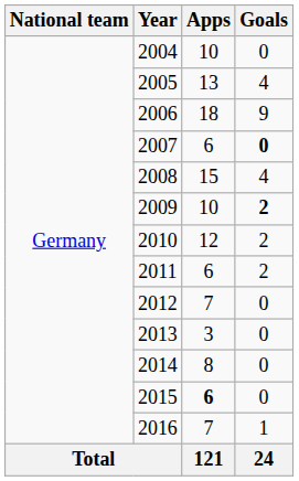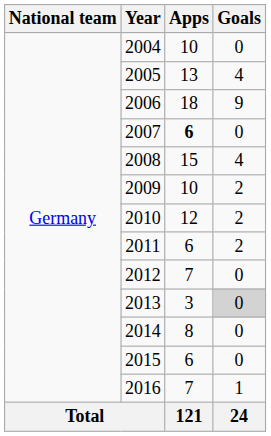 <table class="wikitable" style="text-align:center">
 <tr>
 <th>National team</th>
 <th>Year</th>
 <th>Apps</th>
 <th>Goals</th>
 </tr>
 <tr>
 <td rowspan="13"><a href='#'>Germany</a></td>
 <td>2004</td>
 <td>10</td>
 <td>0</td>
 </tr>
 <tr>
 <td>2005</td>
 <td>13</td>
 <td>4</td>
 </tr>
 <tr>
 <td>2006</td>
 <td>18</td>
 <td>9</td>
 </tr>
 <tr>
 <td>2007</td>
-<td>6</td>
-<td><strong>0</strong></td>
+<td><strong>6</strong></td>
+<td>0</td>
 </tr>
 <tr>
 <td>2008</td>
 <td>15</td>
 <td>4</td>
 </tr>
 <tr>
 <td>2009</td>
 <td>10</td>
-<td><strong>2</strong></td>
+<td>2</td>
 </tr>
 <tr>
 <td>2010</td>
 <td>12</td>
 <td>2</td>
 </tr>
 <tr>
 <td>2011</td>
 <td>6</td>
 <td>2</td>
 </tr>
 <tr>
 <td>2012</td>
 <td>7</td>
 <td>0</td>
 </tr>
 <tr>
 <td>2013</td>
 <td>3</td>
-<td>0</td>
+<td style="background: lightgrey;">0</td>
 </tr>
 <tr>
 <td>2014</td>
 <td>8</td>
 <td>0</td>
 </tr>
 <tr>
 <td>2015</td>
-<td><strong>6</strong></td>
+<td>6</td>
 <td>0</td>
 </tr>
 <tr>
 <td>2016</td>
 <td>7</td>
 <td>1</td>
 </tr>
 <tr>
 <th colspan="2">Total</th>
 <th>121</th>
 <th>24</th>
 </tr>
 </table>
